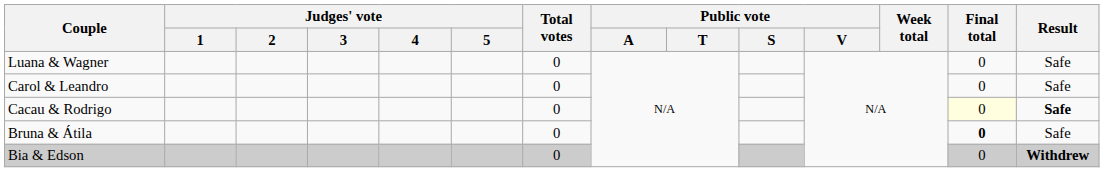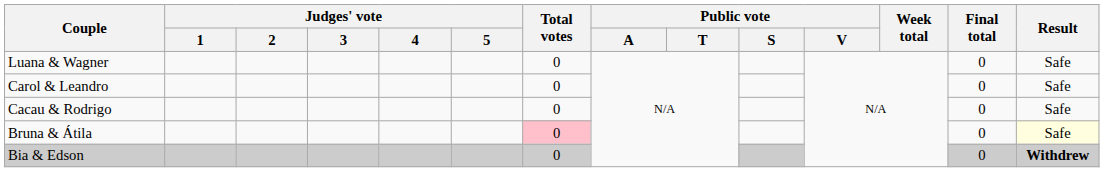 <table class="wikitable" style="font-size:90%; line-height:16px; text-align:center" width="85%">
 <tr>
 <th rowspan=2 width=150>Couple</th>
 <th colspan=5 width=185>Judges' vote</th>
 <th rowspan=2 width=060>Total votes</th>
 <th colspan=4 width=148>Public vote</th>
 <th rowspan=2 width=060>Week total</th>
 <th rowspan=2 width=060>Final total</th>
 <th rowspan=2 width=075>Result</th>
 </tr>
 <tr>
 <th>1</th>
 <th>2</th>
 <th>3</th>
 <th>4</th>
 <th>5</th>
 <th>A</th>
 <th>T</th>
 <th>S</th>
 <th>V</th>
 </tr>
 <tr>
 <td align="left">Luana & Wagner</td>
 <td></td>
 <td></td>
 <td></td>
 <td></td>
 <td></td>
 <td>0</td>
 <td rowspan=5 colspan=2><small>N/A</small></td>
 <td></td>
 <td rowspan=5 colspan=2><small>N/A</small></td>
 <td>0</td>
 <td>Safe</td>
 </tr>
 <tr>
 <td align="left">Carol & Leandro</td>
 <td></td>
 <td></td>
 <td></td>
 <td></td>
 <td></td>
 <td>0</td>
 <td></td>
 <td>0</td>
 <td>Safe</td>
 </tr>
 <tr>
 <td align="left">Cacau & Rodrigo</td>
 <td></td>
 <td></td>
 <td></td>
 <td></td>
 <td></td>
 <td>0</td>
 <td></td>
-<td style="background: lightyellow;">0</td>
-<td><strong>Safe</strong></td>
+<td>0</td>
+<td>Safe</td>
 </tr>
 <tr>
 <td align="left">Bruna & Átila</td>
 <td></td>
 <td></td>
 <td></td>
 <td></td>
 <td></td>
+<td style="background: pink;">0</td>
+<td></td>
 <td>0</td>
-<td></td>
-<td><strong>0</strong></td>
-<td>Safe</td>
+<td style="background: lightyellow;">Safe</td>
 </tr>
 <tr bgcolor="CCCCCC">
 <td align="left">Bia & Edson</td>
 <td></td>
 <td></td>
 <td></td>
 <td></td>
 <td></td>
 <td>0</td>
 <td></td>
 <td>0</td>
 <td><strong>Withdrew</strong></td>
 </tr>
 </table>
